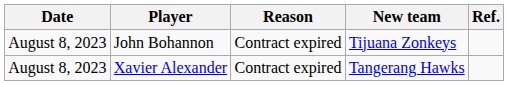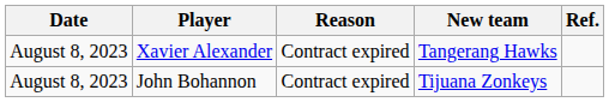 <table class="wikitable">
 <tr>
 <th>Date</th>
 <th>Player</th>
 <th>Reason</th>
 <th>New team</th>
 <th>Ref.</th>
 </tr>
 <tr>
 <td>August 8, 2023</td>
+<td><a href='#'>Xavier Alexander</a></td>
+<td>Contract expired</td>
+<td> <a href='#'>Tangerang Hawks</a></td>
+<td></td>
+</tr>
+<tr>
+<td>August 8, 2023</td>
 <td>John Bohannon</td>
 <td>Contract expired</td>
 <td> <a href='#'>Tijuana Zonkeys</a></td>
 <td></td>
 </tr>
-<tr>
-<td>August 8, 2023</td>
-<td><a href='#'>Xavier Alexander</a></td>
-<td>Contract expired</td>
-<td> <a href='#'>Tangerang Hawks</a></td>
-<td></td>
-</tr>
 </table>
